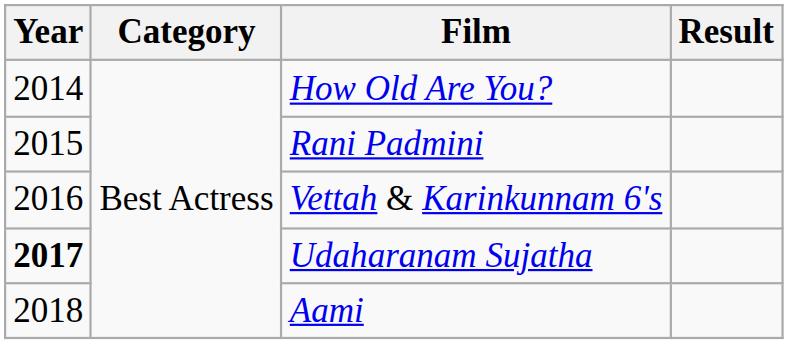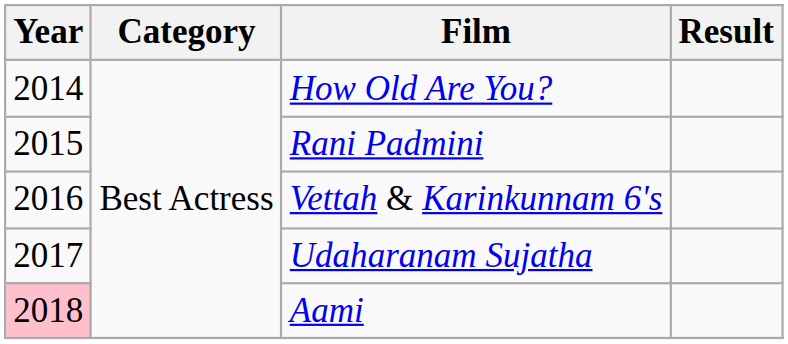 <table class="wikitable">
 <tr>
 <th>Year</th>
 <th>Category</th>
 <th>Film</th>
 <th>Result</th>
 </tr>
 <tr>
 <td>2014</td>
 <td rowspan="5">Best Actress</td>
 <td><em><a href='#'>How Old Are You?</a></em></td>
 <td></td>
 </tr>
 <tr>
 <td>2015</td>
 <td><em><a href='#'>Rani Padmini</a></em></td>
 <td></td>
 </tr>
 <tr>
 <td>2016</td>
 <td><em><a href='#'>Vettah</a></em> & <em><a href='#'>Karinkunnam 6's</a></em></td>
 <td></td>
 </tr>
 <tr>
-<td><strong>2017</strong></td>
+<td>2017</td>
 <td><em><a href='#'>Udaharanam Sujatha</a></em></td>
 <td></td>
 </tr>
 <tr>
-<td>2018</td>
+<td style="background: pink;">2018</td>
 <td><em><a href='#'>Aami</a></em></td>
 <td></td>
 </tr>
 </table>
